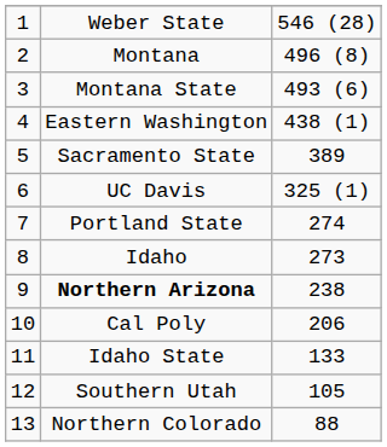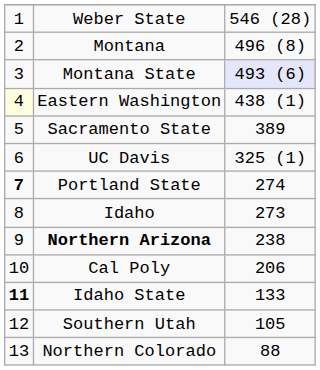 <table class="wikitable" style="display: inline-table;">
 <tr align="center">
 </tr>
 <tr align="center">
 <td>1</td>
 <td>Weber State</td>
 <td>546 (28)</td>
 </tr>
 <tr align="center">
 <td>2</td>
 <td>Montana</td>
 <td>496 (8)</td>
 </tr>
 <tr align="center">
 <td>3</td>
 <td>Montana State</td>
-<td>493 (6)</td>
+<td style="background: lavender;">493 (6)</td>
 </tr>
 <tr align="center">
-<td>4</td>
+<td style="background: lightyellow;">4</td>
 <td>Eastern Washington</td>
 <td>438 (1)</td>
 </tr>
 <tr align="center">
 <td>5</td>
 <td>Sacramento State</td>
 <td>389</td>
 </tr>
 <tr align="center">
 <td>6</td>
 <td>UC Davis</td>
 <td>325 (1)</td>
 </tr>
 <tr align="center">
-<td>7</td>
+<td><strong>7</strong></td>
 <td>Portland State</td>
 <td>274</td>
 </tr>
 <tr align="center">
 <td>8</td>
 <td>Idaho</td>
 <td>273</td>
 </tr>
 <tr align="center">
 <td>9</td>
 <td><strong>Northern Arizona</strong></td>
 <td>238</td>
 </tr>
 <tr align="center">
 <td>10</td>
 <td>Cal Poly</td>
 <td>206</td>
 </tr>
 <tr align="center">
-<td>11</td>
+<td><strong>11</strong></td>
 <td>Idaho State</td>
 <td>133</td>
 </tr>
 <tr align="center">
 <td>12</td>
 <td>Southern Utah</td>
 <td>105</td>
 </tr>
 <tr align="center">
 <td>13</td>
 <td>Northern Colorado</td>
 <td>88</td>
 </tr>
 </table>
